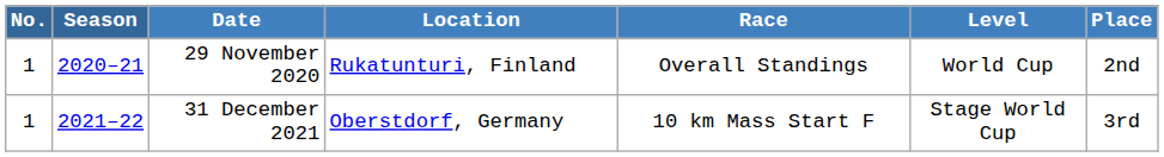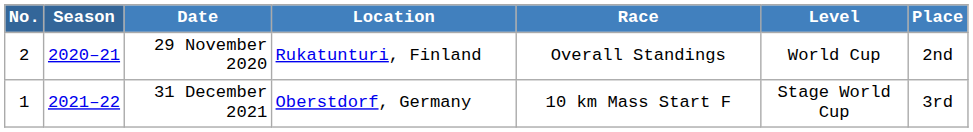 <table class="wikitable sortable" style="font-size:95%; text-align:center; border:grey solid 1px; border-collapse:collapse; background:#ffffff;">
 <tr style="background:#efefef;">
 <th style="background-color:#369; color:white;">No.</th>
 <th style="background-color:#369; color:white;">Season</th>
 <th style="background-color:#4180be; color:white; width:100px;">Date</th>
 <th style="background-color:#4180be; color:white; width:170px;">Location</th>
 <th style="background-color:#4180be; color:white; width:170px;">Race</th>
 <th style="background-color:#4180be; color:white; width:100px;">Level</th>
 <th style="background-color:#4180be; color:white;">Place</th>
 </tr>
 <tr>
-<td align=center>1</td>
+<td align=center>2</td>
 <td align=center><a href='#'>2020–21</a></td>
 <td align=right>29 November 2020</td>
 <td align=left> <a href='#'>Rukatunturi</a>, Finland</td>
 <td>Overall Standings</td>
 <td>World Cup</td>
 <td>2nd</td>
 </tr>
 <tr>
 <td align=center>1</td>
 <td align=center><a href='#'>2021–22</a></td>
 <td align=right>31 December 2021</td>
 <td align=left> <a href='#'>Oberstdorf</a>, Germany</td>
 <td>10 km Mass Start F</td>
 <td>Stage World Cup</td>
 <td>3rd</td>
 </tr>
 </table>
